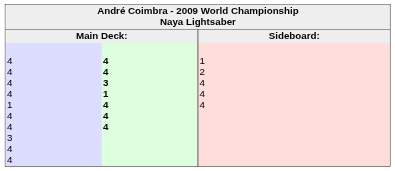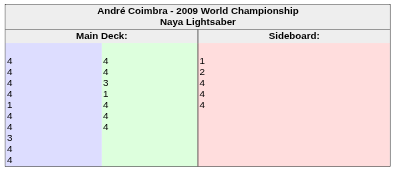 <table border="0" cellspacing="0" cellpadding="2" style="border: 1px solid black; margin-left: 1ex;" width=50%>
 <tr>
 <th colspan="3" style="background-color: #eee; border-bottom: 1px solid black;">André Coimbra - 2009 World Championship<br>Naya Lightsaber</th>
 </tr>
 <tr style="background-color: #eee;">
 <th colspan="2">Main Deck:</th>
 <th style="border-left: 1px solid black;">Sideboard:</th>
 </tr>
 <tr valign="top">
 <td style="background-color: #ddf;"><br>4  <br> 4  <br> 4  <br> 4  <br> 1  <br> 4  <br> 4  <br>3  <br> 4  <br> 4  <br></td>
-<td style="background-color: #dfd;"><strong><br>4  <br> 4  <br> 3  <br> 1  <br> 4  <br> 4  <br> 4  <br></strong></td>
+<td style="background-color: #dfd;"><br>4  <br> 4  <br> 3  <br> 1  <br> 4  <br> 4  <br> 4  <br></td>
 <td style="background-color: #fdd; border-left: 1px solid black;"><br>1  <br> 2  <br> 4  <br> 4  <br> 4  <br></td>
 </tr>
 </table>
